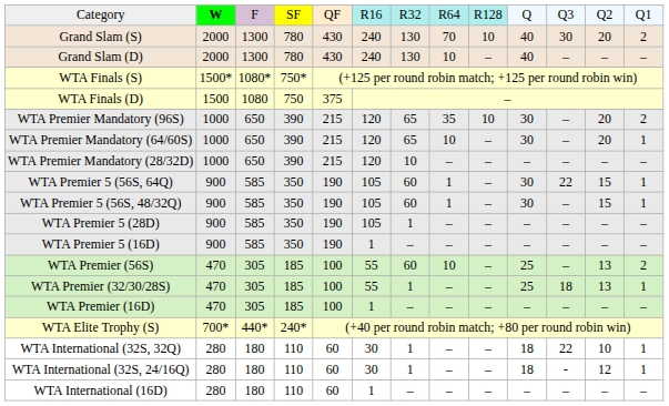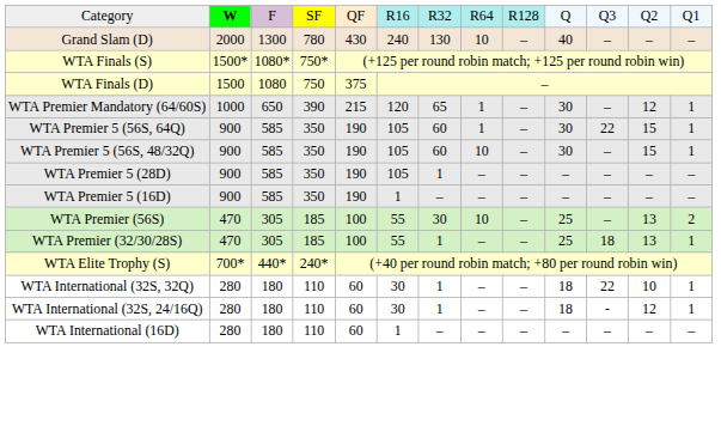 <table class="wikitable">
 <tr align=center>
 <td style="background:#efefef;">Category</td>
 <td style="width:40px; background:lime;"><strong>W</strong></td>
 <td style="width:40px; background:thistle;">F</td>
 <td style="width:40px; background:#ff0;">SF</td>
 <td style="width:40px; background:#ffebcd;">QF</td>
 <td style="width:40px; background:#afeeee;">R16</td>
 <td style="width:40px; background:#afeeee;">R32</td>
 <td style="width:40px; background:#afeeee;">R64</td>
 <td style="width:40px; background:#afeeee;">R128</td>
 <td style="width:40px; background:#f0f8ff;">Q</td>
 <td style="width:40px; background:#f0f8ff;">Q3</td>
 <td style="width:40px; background:#f0f8ff;">Q2</td>
 <td style="width:40px; background:#f0f8ff;">Q1</td>
-</tr>
-<tr style="text-align:center; background:#F3E6D7;">
-<td>Grand Slam (S)</td>
-<td>2000</td>
-<td>1300</td>
-<td>780</td>
-<td>430</td>
-<td>240</td>
-<td>130</td>
-<td>70</td>
-<td>10</td>
-<td>40</td>
-<td>30</td>
-<td>20</td>
-<td>2</td>
 </tr>
 <tr style="text-align:center; background:#F3E6D7;">
 <td>Grand Slam (D)</td>
 <td>2000</td>
 <td>1300</td>
 <td>780</td>
 <td>430</td>
 <td>240</td>
 <td>130</td>
 <td>10</td>
 <td>–</td>
 <td>40</td>
 <td>–</td>
 <td>–</td>
 <td>–</td>
 </tr>
 <tr style="text-align:center; background:#ffc;">
 <td>WTA Finals (S)</td>
 <td>1500*</td>
 <td>1080*</td>
 <td>750*</td>
 <td colspan="9" style="text-align:center">(+125 per round robin match; +125 per round robin win)</td>
 </tr>
 <tr style="text-align:center; background:#ffc;">
 <td>WTA Finals (D)</td>
 <td>1500</td>
 <td>1080</td>
 <td>750</td>
 <td>375</td>
 <td colspan="8" style="text-align:center">–</td>
 </tr>
 <tr style="text-align:center; background:#e9e9e9;">
-<td>WTA Premier Mandatory (96S)</td>
-<td>1000</td>
-<td>650</td>
-<td>390</td>
-<td>215</td>
-<td>120</td>
-<td>65</td>
-<td>35</td>
-<td>10</td>
-<td>30</td>
-<td>–</td>
-<td>20</td>
-<td>2</td>
-</tr>
-<tr style="text-align:center; background:#e9e9e9;">
 <td>WTA Premier Mandatory (64/60S)</td>
 <td>1000</td>
 <td>650</td>
 <td>390</td>
 <td>215</td>
 <td>120</td>
 <td>65</td>
-<td>10</td>
+<td>1</td>
 <td>–</td>
 <td>30</td>
 <td>–</td>
-<td>20</td>
+<td>12</td>
 <td>1</td>
-</tr>
-<tr style="text-align:center; background:#e9e9e9;">
-<td>WTA Premier Mandatory (28/32D)</td>
-<td>1000</td>
-<td>650</td>
-<td>390</td>
-<td>215</td>
-<td>120</td>
-<td>10</td>
-<td>–</td>
-<td>–</td>
-<td>–</td>
-<td>–</td>
-<td>–</td>
-<td>–</td>
 </tr>
 <tr style="text-align:center; background:#E9E9E9;">
 <td>WTA Premier 5 (56S, 64Q)</td>
 <td>900</td>
 <td>585</td>
 <td>350</td>
 <td>190</td>
 <td>105</td>
 <td>60</td>
 <td>1</td>
 <td>–</td>
 <td>30</td>
 <td>22</td>
 <td>15</td>
 <td>1</td>
 </tr>
 <tr style="text-align:center; background:#E9E9E9;">
 <td>WTA Premier 5 (56S, 48/32Q)</td>
 <td>900</td>
 <td>585</td>
 <td>350</td>
 <td>190</td>
 <td>105</td>
 <td>60</td>
-<td>1</td>
+<td>10</td>
 <td>–</td>
 <td>30</td>
 <td>–</td>
 <td>15</td>
 <td>1</td>
 </tr>
 <tr style="text-align:center; background:#E9E9E9;">
 <td>WTA Premier 5 (28D)</td>
 <td>900</td>
 <td>585</td>
 <td>350</td>
 <td>190</td>
 <td>105</td>
 <td>1</td>
 <td>–</td>
 <td>–</td>
 <td>–</td>
 <td>–</td>
 <td>–</td>
 <td>–</td>
 </tr>
 <tr style="text-align:center; background:#E9E9E9;">
 <td>WTA Premier 5 (16D)</td>
 <td>900</td>
 <td>585</td>
 <td>350</td>
 <td>190</td>
 <td>1</td>
 <td>–</td>
 <td>–</td>
 <td>–</td>
 <td>–</td>
 <td>–</td>
 <td>–</td>
 <td>–</td>
 </tr>
 <tr style="text-align:center; background:#D4F1C5;">
 <td>WTA Premier (56S)</td>
 <td>470</td>
 <td>305</td>
 <td>185</td>
 <td>100</td>
 <td>55</td>
-<td>60</td>
+<td>30</td>
 <td>10</td>
 <td>–</td>
 <td>25</td>
 <td>–</td>
 <td>13</td>
 <td>2</td>
 </tr>
 <tr style="text-align:center; background:#D4F1C5;">
 <td>WTA Premier (32/30/28S)</td>
 <td>470</td>
 <td>305</td>
 <td>185</td>
 <td>100</td>
 <td>55</td>
 <td>1</td>
 <td>–</td>
 <td>–</td>
 <td>25</td>
 <td>18</td>
 <td>13</td>
 <td>1</td>
-</tr>
-<tr style="text-align:center; background:#D4F1C5;">
-<td>WTA Premier (16D)</td>
-<td>470</td>
-<td>305</td>
-<td>185</td>
-<td>100</td>
-<td>1</td>
-<td>–</td>
-<td>–</td>
-<td>–</td>
-<td>–</td>
-<td>–</td>
-<td>–</td>
-<td>–</td>
 </tr>
 <tr style="text-align:center; background:#ffc;">
 <td>WTA Elite Trophy (S)</td>
 <td>700*</td>
 <td>440*</td>
 <td>240*</td>
 <td colspan="9" style="text-align:center">(+40 per round robin match; +80 per round robin win)</td>
 </tr>
 <tr style="text-align:center; background:#fff;">
 <td>WTA International (32S, 32Q)</td>
 <td>280</td>
 <td>180</td>
 <td>110</td>
 <td>60</td>
 <td>30</td>
 <td>1</td>
 <td>–</td>
 <td>–</td>
 <td>18</td>
 <td>22</td>
 <td>10</td>
 <td>1</td>
 </tr>
 <tr style="text-align:center; background:#fff;">
 <td>WTA International (32S, 24/16Q)</td>
 <td>280</td>
 <td>180</td>
 <td>110</td>
 <td>60</td>
 <td>30</td>
 <td>1</td>
 <td>–</td>
 <td>–</td>
 <td>18</td>
 <td>-</td>
 <td>12</td>
 <td>1</td>
 </tr>
 <tr style="text-align:center; background:#fff;">
 <td>WTA International (16D)</td>
 <td>280</td>
 <td>180</td>
 <td>110</td>
 <td>60</td>
 <td>1</td>
 <td>–</td>
 <td>–</td>
 <td>–</td>
 <td>–</td>
 <td>–</td>
 <td>–</td>
 <td>–</td>
 </tr>
 </table>
